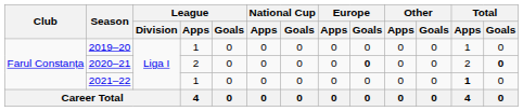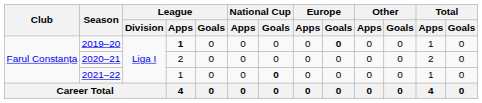 <table class=wikitable style=text-align:center>
 <tr>
 <th rowspan=2>Club</th>
 <th rowspan=2>Season</th>
 <th colspan=3>League</th>
 <th colspan=2>National Cup</th>
 <th colspan=2>Europe</th>
 <th colspan=2>Other</th>
 <th colspan=2>Total</th>
 </tr>
 <tr>
 <th>Division</th>
 <th>Apps</th>
 <th>Goals</th>
 <th>Apps</th>
 <th>Goals</th>
 <th>Apps</th>
 <th>Goals</th>
 <th>Apps</th>
 <th>Goals</th>
 <th>Apps</th>
 <th>Goals</th>
 </tr>
 <tr>
 <td rowspan="3"><a href='#'>Farul Constanța</a></td>
 <td><a href='#'>2019–20</a></td>
 <td rowspan="3"><a href='#'>Liga I</a></td>
-<td>1</td>
+<td><strong>1</strong></td>
 <td>0</td>
 <td>0</td>
 <td>0</td>
 <td>0</td>
-<td>0</td>
+<td><strong>0</strong></td>
 <td>0</td>
 <td>0</td>
 <td>1</td>
 <td>0</td>
 </tr>
 <tr>
 <td><a href='#'>2020–21</a></td>
 <td>2</td>
 <td>0</td>
 <td>0</td>
 <td>0</td>
 <td>0</td>
-<td><strong>0</strong></td>
+<td>0</td>
 <td>0</td>
 <td>0</td>
 <td>2</td>
-<td><strong>0</strong></td>
+<td>0</td>
 </tr>
 <tr>
 <td><a href='#'>2021–22</a></td>
 <td>1</td>
 <td>0</td>
 <td>0</td>
+<td><strong>0</strong></td>
 <td>0</td>
 <td>0</td>
 <td>0</td>
 <td>0</td>
-<td>0</td>
-<td><strong>1</strong></td>
+<td>1</td>
 <td>0</td>
 </tr>
 <tr>
 <th colspan="3">Career Total</th>
 <th>4</th>
 <th>0</th>
 <th>0</th>
 <th>0</th>
 <th>0</th>
 <th>0</th>
 <th>0</th>
 <th>0</th>
 <th>4</th>
 <th>0</th>
 </tr>
 </table>
